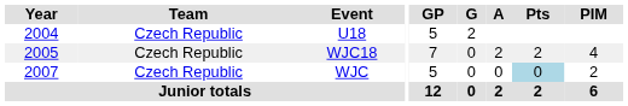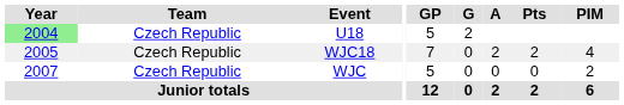 <table border="0" cellpadding="1" cellspacing="0" ID="Table3" style="text-align:center; width:40em">
 <tr ALIGN="center" bgcolor="#e0e0e0">
 <th>Year</th>
 <th>Team</th>
 <th>Event</th>
 <th rowspan="99" bgcolor="#ffffff"></th>
 <th>GP</th>
 <th>G</th>
 <th>A</th>
 <th>Pts</th>
 <th>PIM</th>
 </tr>
 <tr>
-<td><a href='#'>2004</a></td>
+<td style="background: lightgreen;"><a href='#'>2004</a></td>
 <td><a href='#'>Czech Republic</a></td>
 <td><a href='#'>U18</a></td>
 <td>5</td>
 <td>2</td>
 <td></td>
 <td></td>
 <td></td>
 </tr>
 <tr bgcolor="#f0f0f0">
 <td><a href='#'>2005</a></td>
 <td>Czech Republic</td>
 <td><a href='#'>WJC18</a></td>
 <td>7</td>
 <td>0</td>
 <td>2</td>
 <td>2</td>
 <td>4</td>
 </tr>
 <tr>
 <td><a href='#'>2007</a></td>
 <td><a href='#'>Czech Republic</a></td>
 <td><a href='#'>WJC</a></td>
 <td>5</td>
 <td>0</td>
 <td>0</td>
-<td style="background: lightblue;">0</td>
+<td>0</td>
 <td>2</td>
 </tr>
 <tr bgcolor="#e0e0e0">
 <th colspan="3">Junior totals</th>
 <th>12</th>
 <th>0</th>
 <th>2</th>
 <th>2</th>
 <th>6</th>
 </tr>
 </table>
